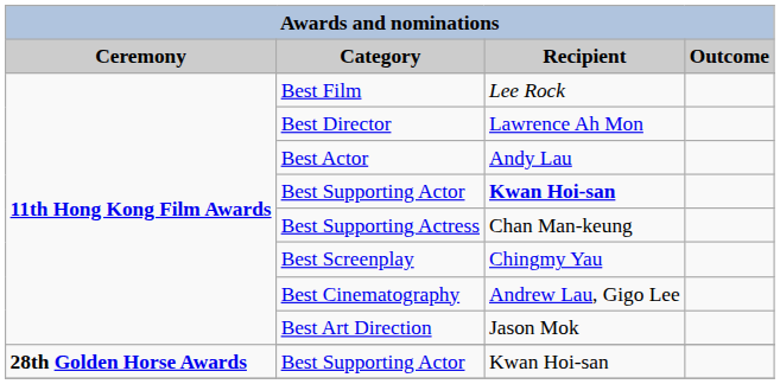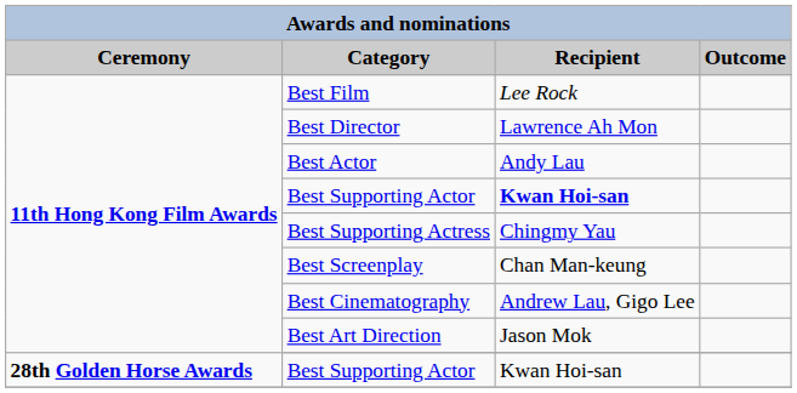 <table class="wikitable" style="font-size:95%;" ;>
 <tr style="background:#ccc; text-align:center;">
 <th colspan="4" style="background: LightSteelBlue;">Awards and nominations</th>
 </tr>
 <tr style="background:#ccc; text-align:center;">
 <th style="background:#ccc">Ceremony</th>
 <th style="background:#ccc">Category</th>
 <th style="background:#ccc">Recipient</th>
 <th style="background:#ccc">Outcome</th>
 </tr>
 <tr>
 <td rowspan=9><strong><a href='#'>11th Hong Kong Film Awards</a></strong></td>
 </tr>
 <tr>
 <td><a href='#'>Best Film</a></td>
 <td><em>Lee Rock</em></td>
 <td></td>
 </tr>
 <tr>
 <td><a href='#'>Best Director</a></td>
 <td><a href='#'>Lawrence Ah Mon</a></td>
 <td></td>
 </tr>
 <tr>
 <td><a href='#'>Best Actor</a></td>
 <td><a href='#'>Andy Lau</a></td>
 <td></td>
 </tr>
 <tr>
 <td><a href='#'>Best Supporting Actor</a></td>
 <td><strong><a href='#'>Kwan Hoi-san</a></strong></td>
 <td></td>
 </tr>
 <tr>
 <td><a href='#'>Best Supporting Actress</a></td>
-<td>Chan Man-keung</td>
+<td><a href='#'>Chingmy Yau</a></td>
 <td></td>
 </tr>
 <tr>
 <td><a href='#'>Best Screenplay</a></td>
-<td><a href='#'>Chingmy Yau</a></td>
+<td>Chan Man-keung</td>
 <td></td>
 </tr>
 <tr>
 <td><a href='#'>Best Cinematography</a></td>
 <td><a href='#'>Andrew Lau</a>, Gigo Lee</td>
 <td></td>
 </tr>
 <tr>
 <td><a href='#'>Best Art Direction</a></td>
 <td>Jason Mok</td>
 <td></td>
 </tr>
 <tr>
 <td rowspan=2><strong>28th <a href='#'>Golden Horse Awards</a></strong></td>
 </tr>
 <tr>
 <td><a href='#'>Best Supporting Actor</a></td>
 <td>Kwan Hoi-san</td>
 <td></td>
 </tr>
 <tr>
 </tr>
 </table>
